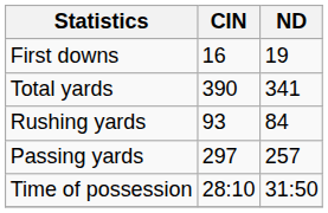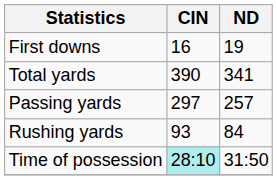 <table class="wikitable">
 <tr>
 <th>Statistics</th>
 <th>CIN</th>
 <th>ND</th>
 </tr>
 <tr>
 <td>First downs</td>
 <td>16</td>
 <td>19</td>
 </tr>
 <tr>
 <td>Total yards</td>
 <td>390</td>
 <td>341</td>
 </tr>
 <tr>
+<td>Passing yards</td>
+<td>297</td>
+<td>257</td>
+</tr>
+<tr>
 <td>Rushing yards</td>
 <td>93</td>
 <td>84</td>
 </tr>
 <tr>
-<td>Passing yards</td>
-<td>297</td>
-<td>257</td>
-</tr>
-<tr>
 <td>Time of possession</td>
-<td>28:10</td>
+<td style="background: paleturquoise;">28:10</td>
 <td>31:50</td>
 </tr>
 <tr>
 </tr>
 </table>
